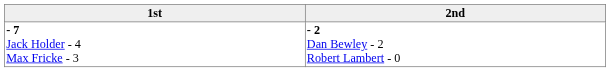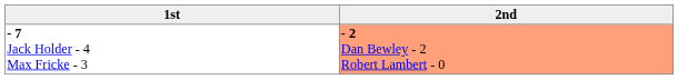 <table border="1" cellpadding="2" cellspacing="0"  style="width:50%; border-collapse:collapse;">
 <tr style="text-align:left; background:#efefef;">
 <th width=15% align=center >1st</th>
 <th width=15% align=center >2nd</th>
 </tr>
 <tr align=left>
 <td valign=top align=left ><strong> - 7</strong><br><a href='#'>Jack Holder</a> - 4<br><a href='#'>Max Fricke</a> - 3</td>
-<td valign=top align=left ><strong> - 2</strong><br><a href='#'>Dan Bewley</a> - 2<br><a href='#'>Robert Lambert</a> - 0</td>
+<td valign=top align=left  style="background: lightsalmon;"><strong> - 2</strong><br><a href='#'>Dan Bewley</a> - 2<br><a href='#'>Robert Lambert</a> - 0</td>
 </tr>
 </table>
